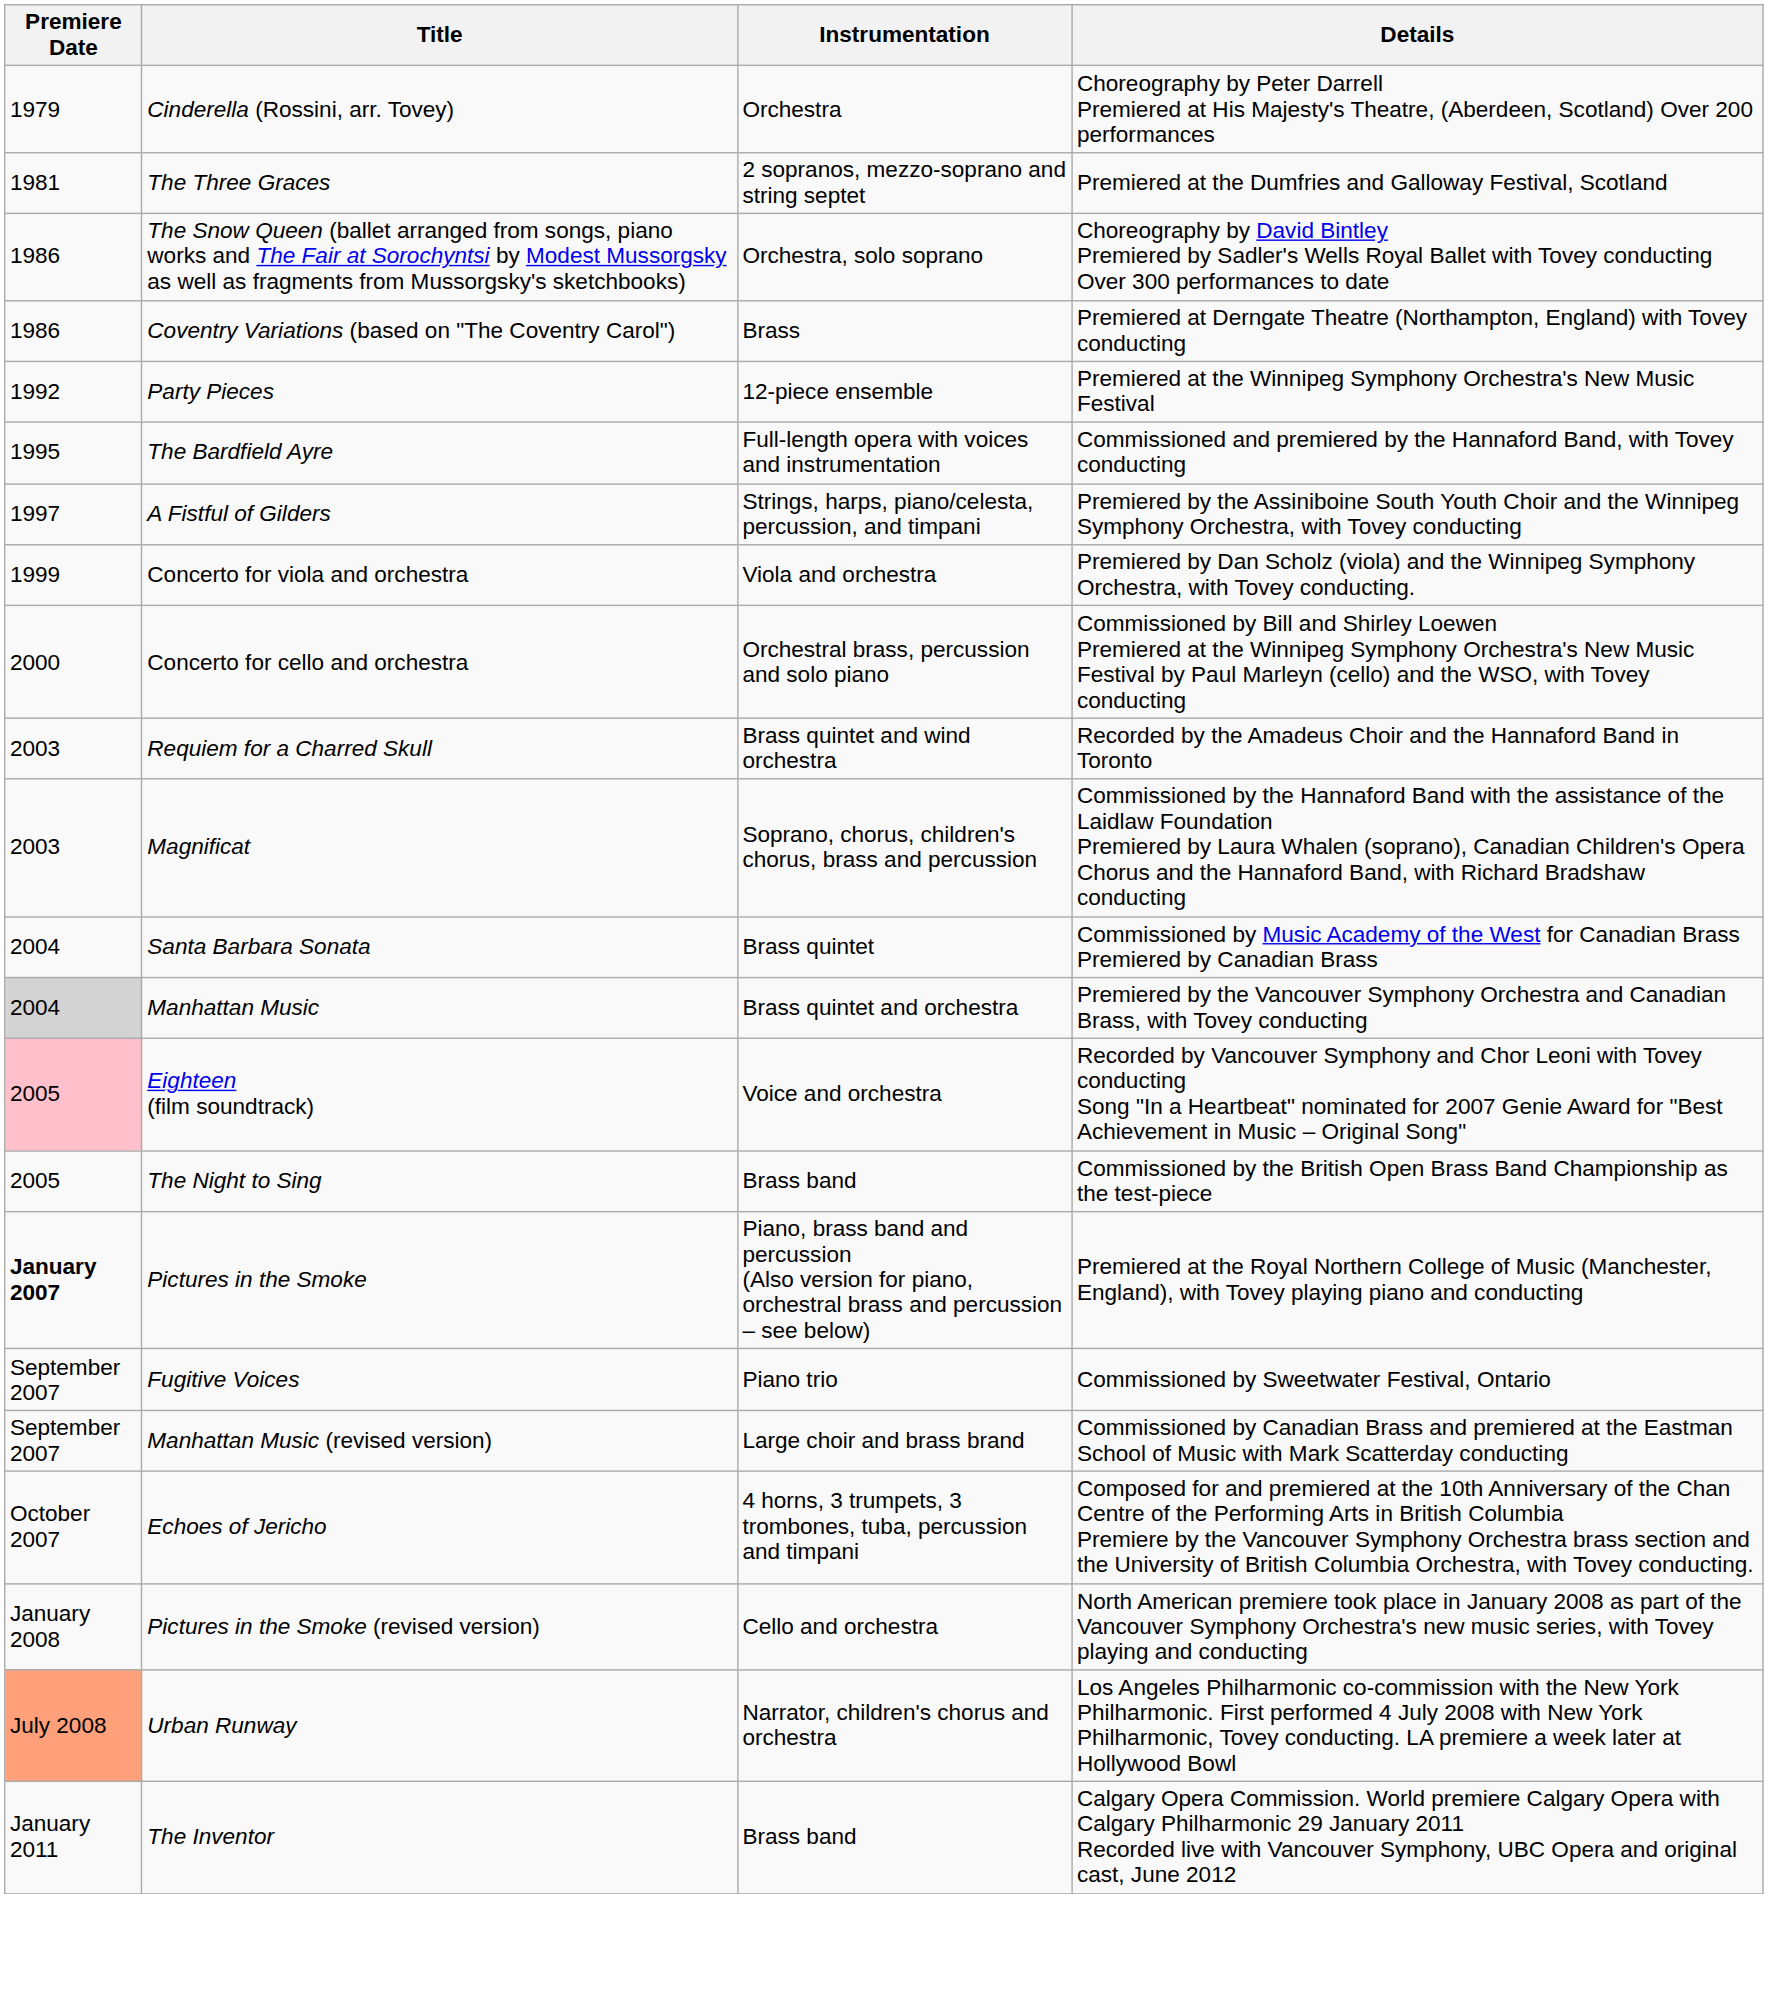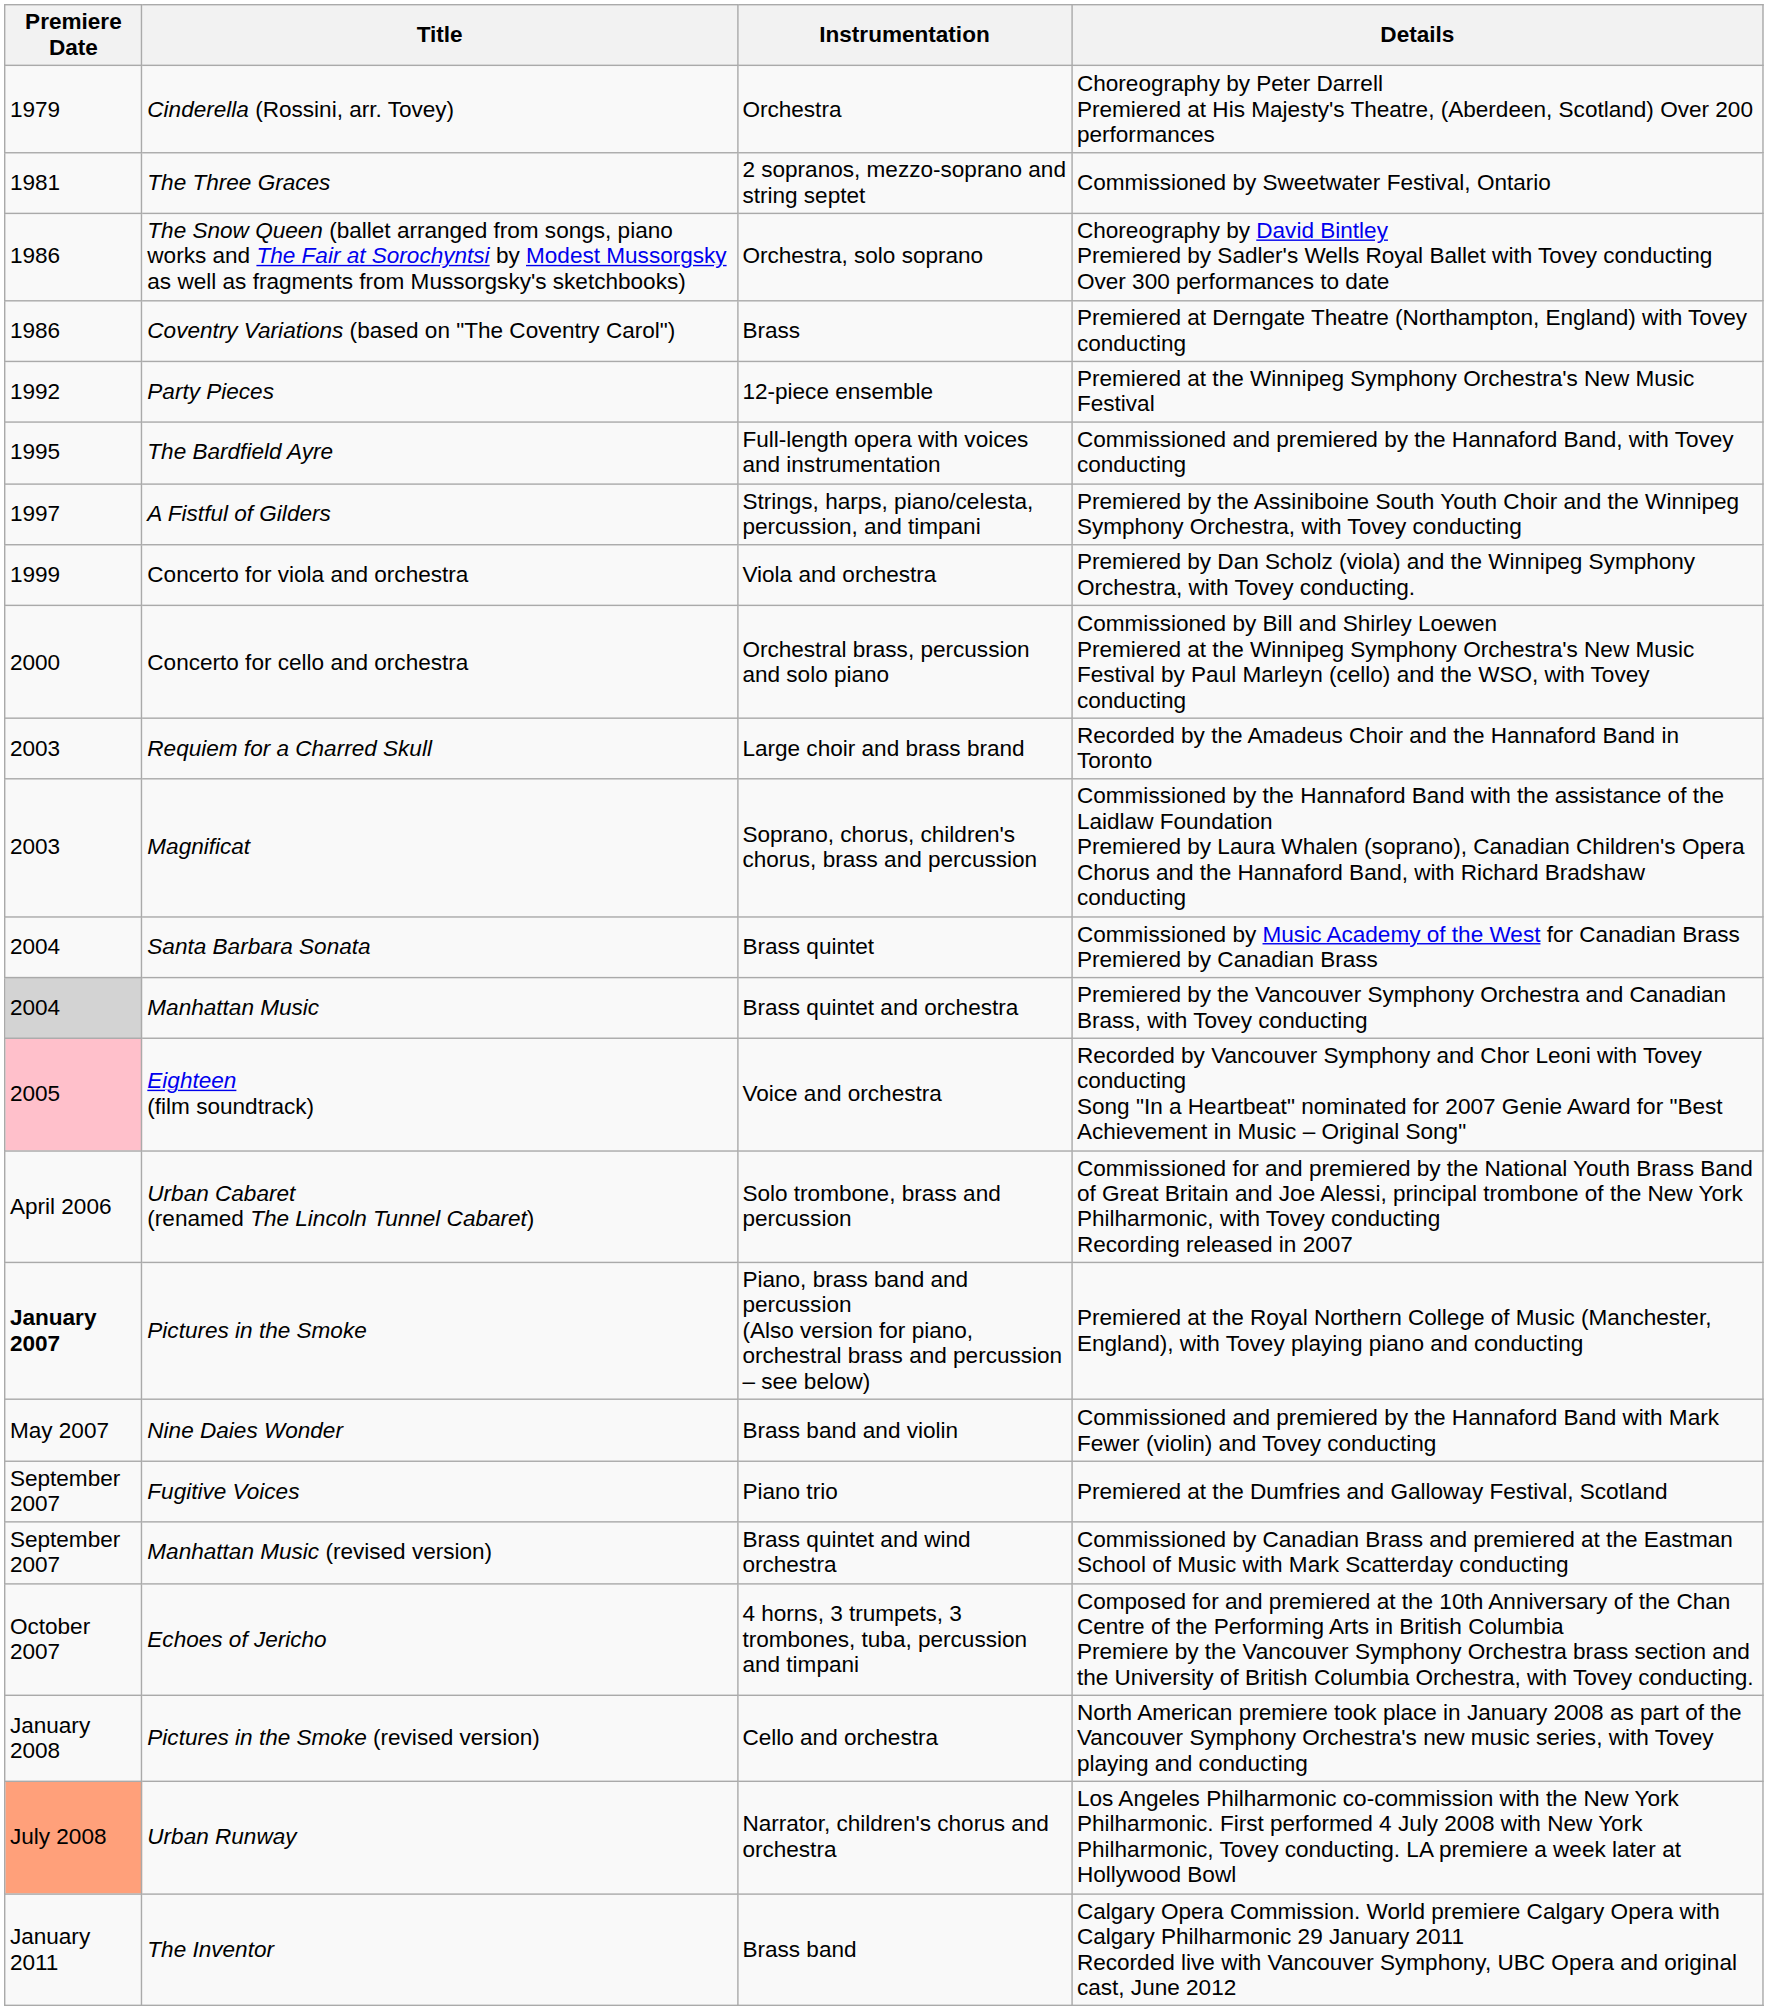 <table class="wikitable" border="1">
 <tr>
 <th>Premiere Date</th>
 <th>Title</th>
 <th>Instrumentation</th>
 <th>Details</th>
 </tr>
 <tr>
 <td>1979</td>
 <td><em>Cinderella</em> (Rossini, arr. Tovey)</td>
 <td>Orchestra</td>
 <td>Choreography by Peter Darrell<br>Premiered at His Majesty's Theatre, (Aberdeen, Scotland) Over 200 performances</td>
 </tr>
 <tr>
 <td>1981</td>
 <td><em>The Three Graces</em></td>
 <td>2 sopranos, mezzo-soprano and string septet</td>
-<td>Premiered at the Dumfries and Galloway Festival, Scotland</td>
+<td>Commissioned by Sweetwater Festival, Ontario</td>
 </tr>
 <tr>
 <td>1986</td>
 <td><em>The Snow Queen</em> (ballet arranged from songs, piano works and <em><a href='#'>The Fair at Sorochyntsi</a></em> by <a href='#'>Modest Mussorgsky</a> as well as fragments from Mussorgsky's sketchbooks)</td>
 <td>Orchestra, solo soprano</td>
 <td>Choreography by <a href='#'>David Bintley</a><br>Premiered by Sadler's Wells Royal Ballet with Tovey conducting Over 300 performances to date</td>
 </tr>
 <tr>
 <td>1986</td>
 <td><em>Coventry Variations</em> (based on "The Coventry Carol")</td>
 <td>Brass</td>
 <td>Premiered at Derngate Theatre (Northampton, England) with Tovey conducting</td>
 </tr>
 <tr>
 <td>1992</td>
 <td><em>Party Pieces</em></td>
 <td>12-piece ensemble</td>
 <td>Premiered at the Winnipeg Symphony Orchestra's New Music Festival</td>
 </tr>
 <tr>
 <td>1995</td>
 <td><em>The Bardfield Ayre</em></td>
 <td>Full-length opera with voices and instrumentation</td>
 <td>Commissioned and premiered by the Hannaford Band, with Tovey conducting</td>
 </tr>
 <tr>
 <td>1997</td>
 <td><em>A Fistful of Gilders</em></td>
 <td>Strings, harps, piano/celesta, percussion, and timpani</td>
 <td>Premiered by the Assiniboine South Youth Choir and the Winnipeg Symphony Orchestra, with Tovey conducting</td>
 </tr>
 <tr>
 <td>1999</td>
 <td>Concerto for viola and orchestra</td>
 <td>Viola and orchestra</td>
 <td>Premiered by Dan Scholz (viola) and the Winnipeg Symphony Orchestra, with Tovey conducting.</td>
 </tr>
 <tr>
 <td>2000</td>
 <td>Concerto for cello and orchestra</td>
 <td>Orchestral brass, percussion and solo piano</td>
 <td>Commissioned by Bill and Shirley Loewen<br>Premiered at the Winnipeg Symphony Orchestra's New Music Festival by Paul Marleyn (cello) and the WSO, with Tovey conducting</td>
 </tr>
 <tr>
 <td>2003</td>
 <td><em>Requiem for a Charred Skull</em></td>
-<td>Brass quintet and wind orchestra</td>
+<td>Large choir and brass brand</td>
 <td>Recorded by the Amadeus Choir and the Hannaford Band in Toronto</td>
 </tr>
 <tr>
 <td>2003</td>
 <td><em>Magnificat</em></td>
 <td>Soprano, chorus, children's chorus, brass and percussion</td>
 <td>Commissioned by the Hannaford Band with the assistance of the Laidlaw Foundation<br>Premiered by Laura Whalen (soprano), Canadian Children's Opera Chorus and the Hannaford Band, with Richard Bradshaw conducting</td>
 </tr>
 <tr>
 <td>2004</td>
 <td><em>Santa Barbara Sonata</em></td>
 <td>Brass quintet</td>
 <td>Commissioned by <a href='#'>Music Academy of the West</a> for Canadian Brass<br>Premiered by Canadian Brass</td>
 </tr>
 <tr>
 <td style="background: lightgrey;">2004</td>
 <td><em>Manhattan Music</em></td>
 <td>Brass quintet and orchestra</td>
 <td>Premiered by the Vancouver Symphony Orchestra and Canadian Brass, with Tovey conducting</td>
 </tr>
 <tr>
 <td style="background: pink;">2005</td>
 <td><em><a href='#'>Eighteen</a></em><br>(film soundtrack)</td>
 <td>Voice and orchestra</td>
 <td>Recorded by Vancouver Symphony and Chor Leoni with Tovey conducting<br>Song "In a Heartbeat" nominated for 2007 Genie Award for "Best Achievement in Music – Original Song"</td>
 </tr>
 <tr>
-<td>2005</td>
-<td><em>The Night to Sing</em></td>
-<td>Brass band</td>
-<td>Commissioned by the British Open Brass Band Championship as the test-piece</td>
+<td>April 2006</td>
+<td><em>Urban Cabaret</em><br>(renamed <em>The Lincoln Tunnel Cabaret</em>)</td>
+<td>Solo trombone, brass and percussion</td>
+<td>Commissioned for and premiered by the National Youth Brass Band of Great Britain and Joe Alessi, principal trombone of the New York Philharmonic, with Tovey conducting<br>Recording released in 2007</td>
 </tr>
 <tr>
 <td><strong>January 2007</strong></td>
 <td><em>Pictures in the Smoke</em></td>
 <td>Piano, brass band and percussion<br>(Also version for piano, orchestral brass and percussion – see below)</td>
 <td>Premiered at the Royal Northern College of Music (Manchester, England), with Tovey playing piano and conducting</td>
 </tr>
 <tr>
+<td>May 2007</td>
+<td><em>Nine Daies Wonder</em></td>
+<td>Brass band and violin</td>
+<td>Commissioned and premiered by the Hannaford Band with Mark Fewer (violin) and Tovey conducting</td>
+</tr>
+<tr>
 <td>September 2007</td>
 <td><em>Fugitive Voices</em></td>
 <td>Piano trio</td>
-<td>Commissioned by Sweetwater Festival, Ontario</td>
+<td>Premiered at the Dumfries and Galloway Festival, Scotland</td>
 </tr>
 <tr>
 <td>September 2007</td>
 <td><em>Manhattan Music</em> (revised version)</td>
-<td>Large choir and brass brand</td>
+<td>Brass quintet and wind orchestra</td>
 <td>Commissioned by Canadian Brass and premiered at the Eastman School of Music with Mark Scatterday conducting</td>
 </tr>
 <tr>
 <td>October 2007</td>
 <td><em>Echoes of Jericho</em></td>
 <td>4 horns, 3 trumpets, 3 trombones, tuba, percussion and timpani</td>
 <td>Composed for and premiered at the 10th Anniversary of the Chan Centre of the Performing Arts in British Columbia<br>Premiere by the Vancouver Symphony Orchestra brass section and the University of British Columbia Orchestra, with Tovey conducting.</td>
 </tr>
 <tr>
 <td>January 2008</td>
 <td><em>Pictures in the Smoke</em> (revised version)</td>
 <td>Cello and orchestra</td>
 <td>North American premiere took place in January 2008 as part of the Vancouver Symphony Orchestra's new music series, with Tovey playing and conducting</td>
 </tr>
 <tr>
 <td style="background: lightsalmon;">July 2008</td>
 <td><em>Urban Runway</em></td>
 <td>Narrator, children's chorus and orchestra</td>
 <td>Los Angeles Philharmonic co-commission with the New York Philharmonic. First performed 4 July 2008 with New York Philharmonic, Tovey conducting. LA premiere a week later at Hollywood Bowl</td>
 </tr>
 <tr>
 <td>January 2011</td>
 <td><em>The Inventor</em></td>
 <td>Brass band</td>
 <td>Calgary Opera Commission. World premiere Calgary Opera with Calgary Philharmonic 29 January 2011<br>Recorded live with Vancouver Symphony, UBC Opera and original cast, June 2012</td>
 </tr>
 <tr>
 </tr>
 </table>
